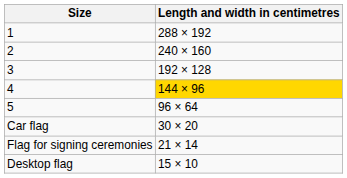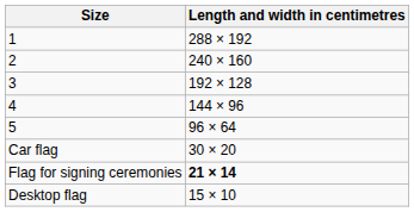 <table class="wikitable">
 <tr>
 <th>Size</th>
 <th>Length and width in centimetres</th>
 </tr>
 <tr>
 <td>1</td>
 <td>288 × 192</td>
 </tr>
 <tr>
 <td>2</td>
 <td>240 × 160</td>
 </tr>
 <tr>
 <td>3</td>
 <td>192 × 128</td>
 </tr>
 <tr>
 <td>4</td>
-<td style="background: gold;">144 × 96</td>
+<td>144 × 96</td>
 </tr>
 <tr>
 <td>5</td>
 <td>96 × 64</td>
 </tr>
 <tr>
 <td>Car flag</td>
 <td>30 × 20</td>
 </tr>
 <tr>
 <td>Flag for signing ceremonies</td>
-<td>21 × 14</td>
+<td><strong>21 × 14</strong></td>
 </tr>
 <tr>
 <td>Desktop flag</td>
 <td>15 × 10</td>
 </tr>
 </table>
